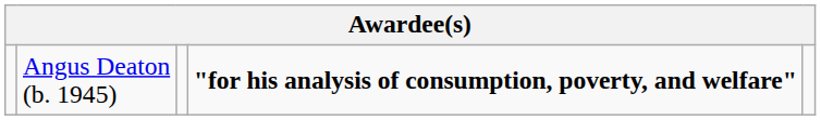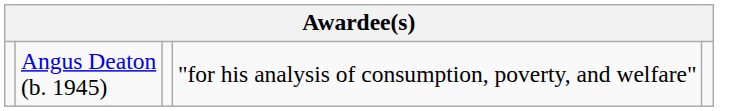 <table class="wikitable">
 <tr>
 <th colspan="5">Awardee(s)</th>
 </tr>
 <tr>
 <td></td>
 <td><a href='#'>Angus Deaton</a><br>(b. 1945)</td>
 <td><br></td>
-<td><strong>"for his analysis of consumption, poverty, and welfare"</strong></td>
+<td>"for his analysis of consumption, poverty, and welfare"</td>
 <td></td>
 </tr>
 </table>
